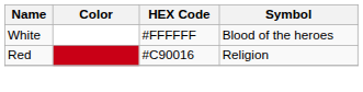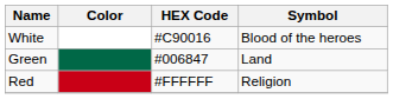 <table class="wikitable sortable" style="width:50%">
 <tr>
 <th>Name</th>
 <th width=100>Color</th>
 <th>HEX Code</th>
 <th>Symbol</th>
 </tr>
 <tr>
 <td>White</td>
 <td style = "background-color: #FFFFFF; color: #FFFFFF"></td>
-<td>#FFFFFF</td>
+<td>#C90016</td>
 <td>Blood of the heroes</td>
+</tr>
+<tr>
+<td>Green</td>
+<td style="background-color: #006847; color: #006847"></td>
+<td>#006847</td>
+<td>Land</td>
 </tr>
 <tr>
 <td>Red</td>
 <td style="background-color: #C90016; color: #C90016"></td>
-<td>#C90016</td>
+<td>#FFFFFF</td>
 <td>Religion</td>
 </tr>
 <tr>
 </tr>
 </table>
